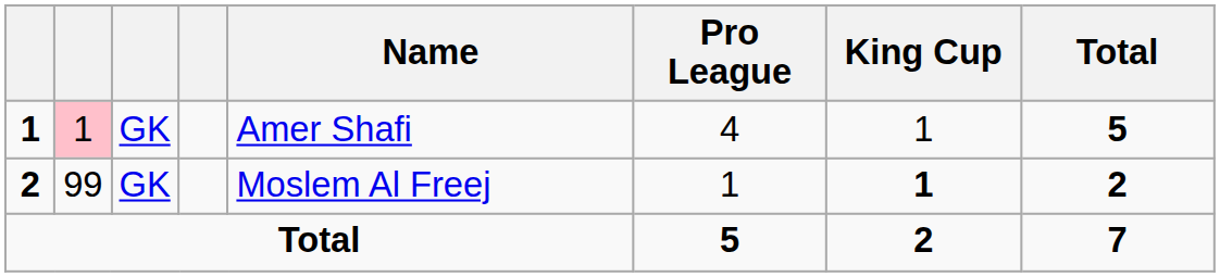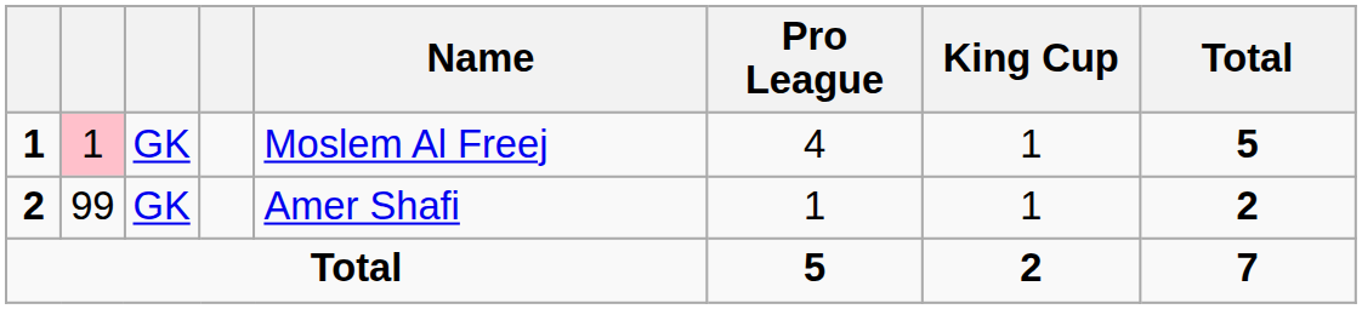 <table class="wikitable" style="text-align:center">
 <tr>
 <th width=15></th>
 <th width=15></th>
 <th width=15></th>
 <th width=15></th>
 <th width=175>Name</th>
 <th width=80>Pro League</th>
 <th width=80>King Cup</th>
 <th width=80>Total</th>
 </tr>
 <tr>
 <td><strong>1</strong></td>
 <td style="background: pink;">1</td>
 <td><a href='#'>GK</a></td>
 <td></td>
-<td align=left><a href='#'>Amer Shafi</a></td>
+<td align=left><a href='#'>Moslem Al Freej</a></td>
 <td>4</td>
 <td>1</td>
 <td><strong>5</strong></td>
 </tr>
 <tr>
 <td><strong>2</strong></td>
 <td>99</td>
 <td><a href='#'>GK</a></td>
 <td></td>
-<td align=left><a href='#'>Moslem Al Freej</a></td>
+<td align=left><a href='#'>Amer Shafi</a></td>
 <td>1</td>
-<td><strong>1</strong></td>
+<td>1</td>
 <td><strong>2</strong></td>
 </tr>
 <tr>
 <td colspan=5><strong>Total</strong></td>
 <td><strong>5</strong></td>
 <td><strong>2</strong></td>
 <td><strong>7</strong></td>
 </tr>
 </table>
